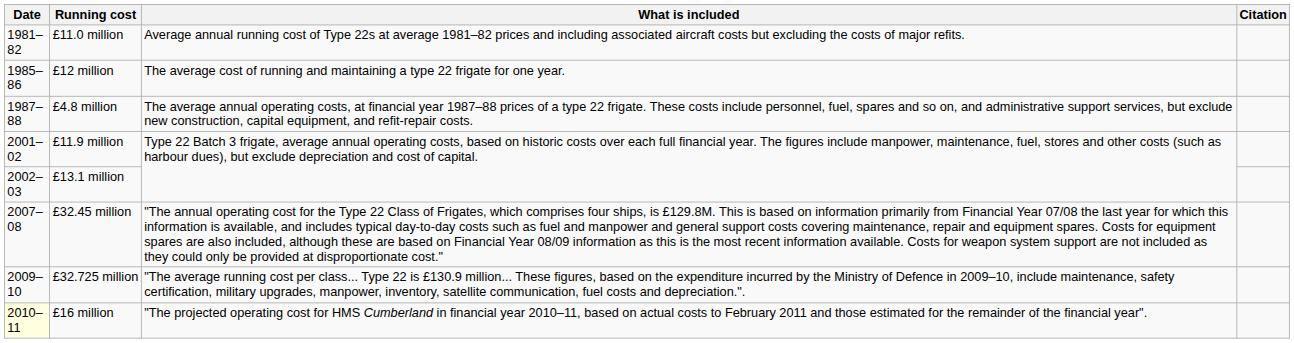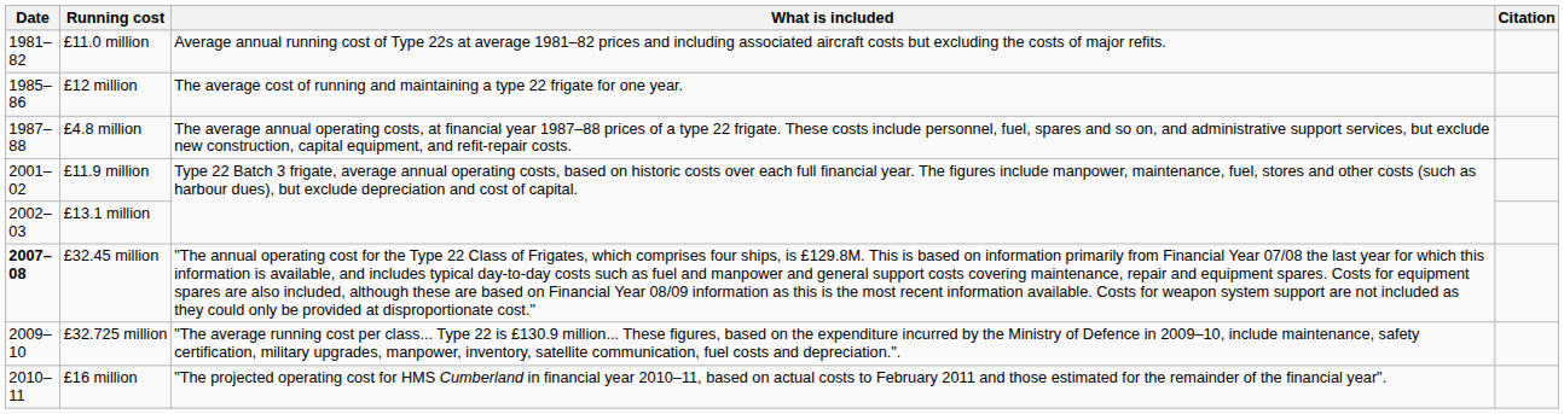 <table class="wikitable" style="font-size:97%;">
 <tr valign=top>
 <th>Date</th>
 <th width=75>Running cost</th>
 <th>What is included</th>
 <th>Citation</th>
 </tr>
 <tr valign=top>
 <td>1981–82</td>
 <td>£11.0 million</td>
 <td>Average annual running cost of Type 22s at average 1981–82 prices and including associated aircraft costs but excluding the costs of major refits.</td>
 <td align=center></td>
 </tr>
 <tr valign=top>
 <td>1985–86</td>
 <td>£12 million</td>
 <td>The average cost of running and maintaining a type 22 frigate for one year.</td>
 <td align=center></td>
 </tr>
 <tr valign=top>
 <td>1987–88</td>
 <td>£4.8 million</td>
 <td>The average annual operating costs, at financial year 1987–88 prices of a type 22 frigate. These costs include personnel, fuel, spares and so on, and administrative support services, but exclude new construction, capital equipment, and refit-repair costs.</td>
 <td align=center></td>
 </tr>
 <tr valign=top>
 <td>2001–02</td>
 <td>£11.9 million</td>
 <td rowspan=2>Type 22 Batch 3 frigate, average annual operating costs, based on historic costs over each full financial year. The figures include manpower, maintenance, fuel, stores and other costs (such as harbour dues), but exclude depreciation and cost of capital.</td>
 <td align=center></td>
 </tr>
 <tr valign=top>
 <td>2002–03</td>
 <td>£13.1 million</td>
 <td align=center></td>
 </tr>
 <tr valign=top>
-<td>2007–08</td>
+<td><strong>2007–08</strong></td>
 <td>£32.45 million</td>
 <td>"The annual operating cost for the Type 22 Class of Frigates, which comprises four ships, is £129.8M. This is based on information primarily from Financial Year 07/08 the last year for which this information is available, and includes typical day-to-day costs such as fuel and manpower and general support costs covering maintenance, repair and equipment spares. Costs for equipment spares are also included, although these are based on Financial Year 08/09 information as this is the most recent information available. Costs for weapon system support are not included as they could only be provided at disproportionate cost."</td>
 <td align=center></td>
 </tr>
 <tr valign=top>
 <td>2009–10</td>
 <td>£32.725 million</td>
 <td>"The average running cost per class... Type 22 is £130.9 million... These figures, based on the expenditure incurred by the Ministry of Defence in 2009–10, include maintenance, safety certification, military upgrades, manpower, inventory, satellite communication, fuel costs and depreciation.".</td>
 <td align=center></td>
 </tr>
 <tr valign=top>
-<td style="background: lightyellow;">2010–11</td>
+<td>2010–11</td>
 <td>£16 million</td>
 <td>"The projected operating cost for HMS <em>Cumberland</em> in financial year 2010–11, based on actual costs to February 2011 and those estimated for the remainder of the financial year".</td>
 <td align=center></td>
 </tr>
 </table>
